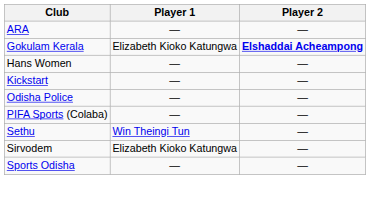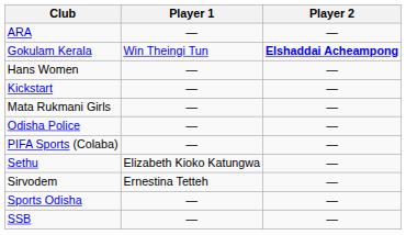 <table class="sortable wikitable" style="text-align: left">
 <tr>
 <th style="text-align:center;">Club</th>
 <th style="text-align:center;">Player 1</th>
 <th style="text-align:center;">Player 2</th>
 </tr>
 <tr>
 <td><a href='#'>ARA</a></td>
 <td style="text-align: center;">—</td>
 <td style="text-align: center;">—</td>
 </tr>
 <tr>
 <td><a href='#'>Gokulam Kerala</a></td>
-<td> Elizabeth Kioko Katungwa</td>
+<td> <a href='#'>Win Theingi Tun</a></td>
 <td><strong> <a href='#'>Elshaddai Acheampong</a></strong></td>
 </tr>
 <tr>
 <td>Hans Women</td>
 <td style="text-align: center;">—</td>
 <td style="text-align: center;">—</td>
 </tr>
 <tr>
 <td><a href='#'>Kickstart</a></td>
+<td style="text-align: center;">—</td>
+<td style="text-align: center;">—</td>
+</tr>
+<tr>
+<td>Mata Rukmani Girls</td>
 <td style="text-align: center;">—</td>
 <td style="text-align: center;">—</td>
 </tr>
 <tr>
 <td><a href='#'>Odisha Police</a></td>
 <td style="text-align: center;">—</td>
 <td style="text-align: center;">—</td>
 </tr>
 <tr>
 <td><a href='#'>PIFA Sports</a> (Colaba)</td>
 <td style="text-align: center;">—</td>
 <td style="text-align: center;">—</td>
 </tr>
 <tr>
 <td><a href='#'>Sethu</a></td>
-<td> <a href='#'>Win Theingi Tun</a></td>
+<td> Elizabeth Kioko Katungwa</td>
 <td style="text-align: center;">—</td>
 </tr>
 <tr>
 <td>Sirvodem</td>
-<td> Elizabeth Kioko Katungwa</td>
+<td> Ernestina Tetteh</td>
 <td style="text-align: center;">—</td>
 </tr>
 <tr>
 <td><a href='#'>Sports Odisha</a></td>
 <td style="text-align: center;">—</td>
 <td style="text-align: center;">—</td>
 </tr>
+<tr>
+<td><a href='#'>SSB</a></td>
+<td style="text-align: center;">—</td>
+<td style="text-align: center;">—</td>
+</tr>
 </table>
